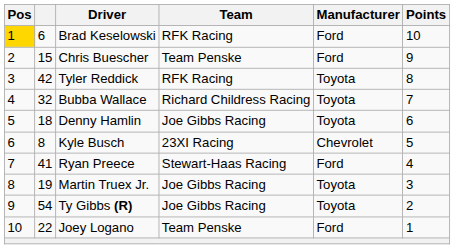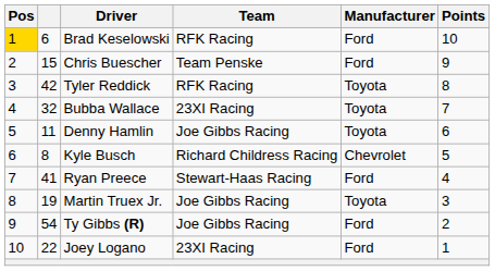 <table class="wikitable" style="font-size:98%">
 <tr>
 <th>Pos</th>
 <th></th>
 <th>Driver</th>
 <th>Team</th>
 <th>Manufacturer</th>
 <th>Points</th>
 </tr>
 <tr>
 <td style="background: gold;">1</td>
 <td>6</td>
 <td>Brad Keselowski</td>
 <td>RFK Racing</td>
 <td>Ford</td>
 <td>10</td>
 </tr>
 <tr>
 <td>2</td>
 <td>15</td>
 <td>Chris Buescher</td>
 <td>Team Penske</td>
 <td>Ford</td>
 <td>9</td>
 </tr>
 <tr>
 <td>3</td>
 <td>42</td>
 <td>Tyler Reddick</td>
 <td>RFK Racing</td>
 <td>Toyota</td>
 <td>8</td>
 </tr>
 <tr>
 <td>4</td>
 <td>32</td>
 <td>Bubba Wallace</td>
-<td>Richard Childress Racing</td>
+<td>23XI Racing</td>
 <td>Toyota</td>
 <td>7</td>
 </tr>
 <tr>
 <td>5</td>
-<td>18</td>
+<td>11</td>
 <td>Denny Hamlin</td>
 <td>Joe Gibbs Racing</td>
 <td>Toyota</td>
 <td>6</td>
 </tr>
 <tr>
 <td>6</td>
 <td>8</td>
 <td>Kyle Busch</td>
-<td>23XI Racing</td>
+<td>Richard Childress Racing</td>
 <td>Chevrolet</td>
 <td>5</td>
 </tr>
 <tr>
 <td>7</td>
 <td>41</td>
 <td>Ryan Preece</td>
 <td>Stewart-Haas Racing</td>
 <td>Ford</td>
 <td>4</td>
 </tr>
 <tr>
 <td>8</td>
 <td>19</td>
 <td>Martin Truex Jr.</td>
 <td>Joe Gibbs Racing</td>
 <td>Toyota</td>
 <td>3</td>
 </tr>
 <tr>
 <td>9</td>
 <td>54</td>
 <td>Ty Gibbs <strong>(R)</strong></td>
 <td>Joe Gibbs Racing</td>
-<td>Toyota</td>
+<td>Ford</td>
 <td>2</td>
 </tr>
 <tr>
 <td>10</td>
 <td>22</td>
 <td>Joey Logano</td>
-<td>Team Penske</td>
+<td>23XI Racing</td>
 <td>Ford</td>
 <td>1</td>
 </tr>
 <tr>
 <th colspan="6"></th>
 </tr>
 </table>
